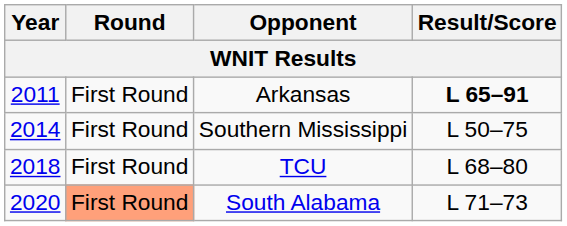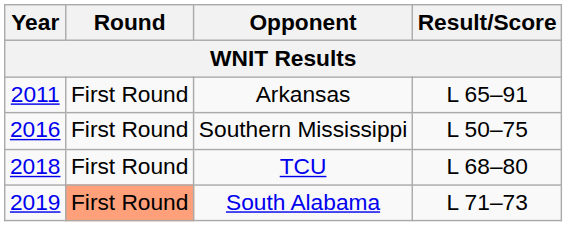 <table class="wikitable">
 <tr>
 <th>Year</th>
 <th>Round</th>
 <th>Opponent</th>
 <th>Result/Score</th>
 </tr>
 <tr>
 <th colspan=4>WNIT Results</th>
 </tr>
 <tr align="center">
 <td><a href='#'>2011</a></td>
 <td>First Round</td>
 <td>Arkansas</td>
-<td><strong>L 65–91</strong></td>
+<td>L 65–91</td>
 </tr>
 <tr align="center">
-<td><a href='#'>2014</a></td>
+<td><a href='#'>2016</a></td>
 <td>First Round</td>
 <td>Southern Mississippi</td>
 <td>L 50–75</td>
 </tr>
 <tr align="center">
 <td><a href='#'>2018</a></td>
 <td>First Round</td>
 <td><a href='#'>TCU</a></td>
 <td>L 68–80</td>
 </tr>
 <tr align="center">
-<td><a href='#'>2020</a></td>
+<td><a href='#'>2019</a></td>
 <td style="background: lightsalmon;">First Round</td>
 <td><a href='#'>South Alabama</a></td>
 <td>L 71–73</td>
 </tr>
 </table>
